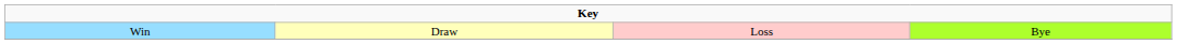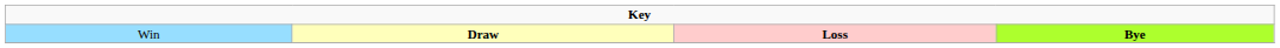 <table class="wikitable" style="text-align:center; line-height:100%; width:90%; font-size:92%">
 <tr>
 <td colspan=100% style="height:10px"><strong>Key</strong></td>
 </tr>
 <tr>
 <td style="background:#97DEFF;">Win</td>
-<td style="background:#FFB;">Draw</td>
-<td style="background:#FFCCCC;">Loss</td>
-<td style="background:#ADFF2D;">Bye</td>
+<td style="background:#FFB;"><strong>Draw</strong></td>
+<td style="background:#FFCCCC;"><strong>Loss</strong></td>
+<td style="background:#ADFF2D;"><strong>Bye</strong></td>
 </tr>
 <tr>
 </tr>
 </table>
